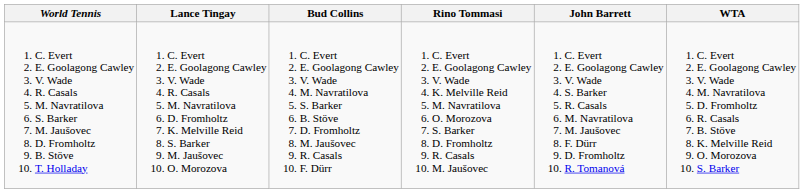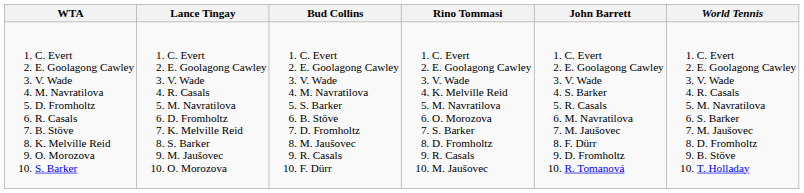 <table class="wikitable">
 <tr>
-<th><em>World Tennis</em></th>
+<th>WTA</th>
 <th>Lance Tingay</th>
 <th>Bud Collins</th>
 <th>Rino Tommasi</th>
 <th>John Barrett</th>
-<th>WTA</th>
+<th><em>World Tennis</em></th>
 </tr>
 <tr style="vertical-align: top;">
-<td style="white-space: nowrap;"><br><ol><li> C. Evert</li><li> E. Goolagong Cawley</li><li> V. Wade</li><li> R. Casals</li><li> M. Navratilova</li><li> S. Barker</li><li> M. Jaušovec</li><li> D. Fromholtz</li><li> B. Stöve</li><li> <a href='#'>T. Holladay</a></li></ol></td>
+<td style="white-space: nowrap;"><br><ol><li> C. Evert</li><li> E. Goolagong Cawley</li><li> V. Wade</li><li> M. Navratilova</li><li> D. Fromholtz</li><li> R. Casals</li><li> B. Stöve</li><li> K. Melville Reid</li><li> O. Morozova</li><li> <a href='#'>S. Barker</a></li></ol></td>
 <td style="white-space: nowrap;"><br><ol><li> C. Evert</li><li> E. Goolagong Cawley</li><li> V. Wade</li><li> R. Casals</li><li> M. Navratilova</li><li> D. Fromholtz</li><li> K. Melville Reid</li><li> S. Barker</li><li> M. Jaušovec</li><li> O. Morozova</li></ol></td>
 <td style="white-space: nowrap;"><br><ol><li> C. Evert</li><li> E. Goolagong Cawley</li><li> V. Wade</li><li> M. Navratilova</li><li> S. Barker</li><li> B. Stöve</li><li> D. Fromholtz</li><li> M. Jaušovec</li><li> R. Casals</li><li> F. Dürr</li></ol></td>
 <td style="white-space: nowrap;"><br><ol><li> C. Evert</li><li> E. Goolagong Cawley</li><li> V. Wade</li><li> K. Melville Reid</li><li> M. Navratilova</li><li> O. Morozova</li><li> S. Barker</li><li> D. Fromholtz</li><li> R. Casals</li><li> M. Jaušovec</li></ol></td>
 <td style="white-space: nowrap;"><br><ol><li> C. Evert</li><li> E. Goolagong Cawley</li><li> V. Wade</li><li> S. Barker</li><li> R. Casals</li><li> M. Navratilova</li><li> M. Jaušovec</li><li> F. Dürr</li><li> D. Fromholtz</li><li> <a href='#'>R. Tomanová</a></li></ol></td>
-<td style="white-space: nowrap;"><br><ol><li> C. Evert</li><li> E. Goolagong Cawley</li><li> V. Wade</li><li> M. Navratilova</li><li> D. Fromholtz</li><li> R. Casals</li><li> B. Stöve</li><li> K. Melville Reid</li><li> O. Morozova</li><li> <a href='#'>S. Barker</a></li></ol></td>
+<td style="white-space: nowrap;"><br><ol><li> C. Evert</li><li> E. Goolagong Cawley</li><li> V. Wade</li><li> R. Casals</li><li> M. Navratilova</li><li> S. Barker</li><li> M. Jaušovec</li><li> D. Fromholtz</li><li> B. Stöve</li><li> <a href='#'>T. Holladay</a></li></ol></td>
 </tr>
 </table>
